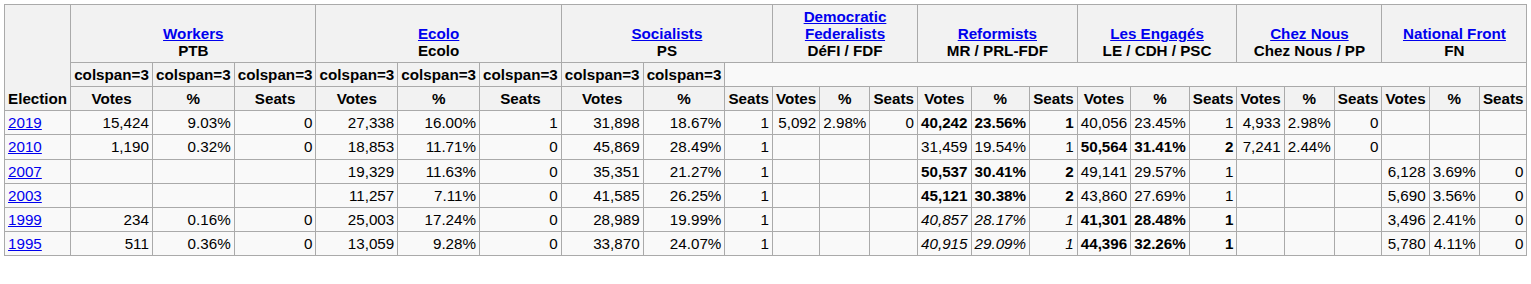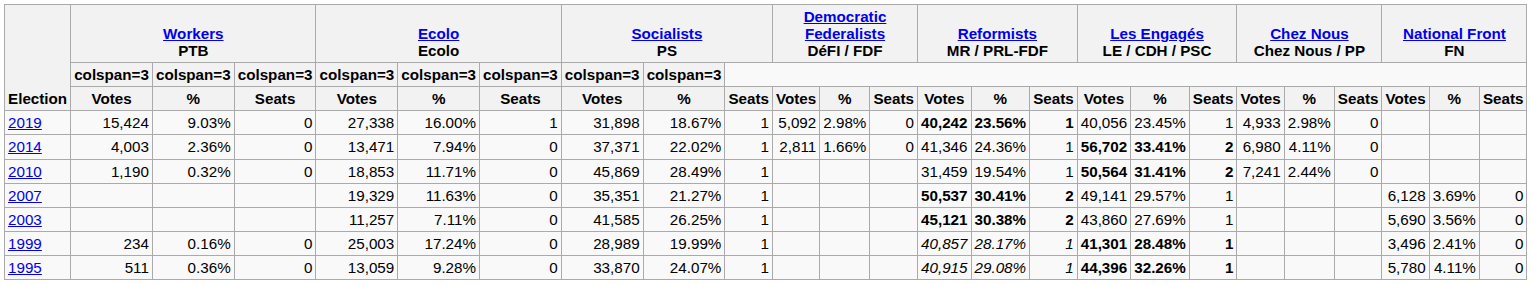 <table class="wikitable" border="1" style="font-size:95%; text-align:right;">
 <tr>
 <th style="text-align:left;" valign=bottom rowspan=3>Election</th>
 <th valign=bottom colspan=3><a href='#'>Workers</a><br>PTB</th>
 <th valign=bottom colspan=3><a href='#'>Ecolo</a><br>Ecolo</th>
 <th valign=bottom colspan=3><a href='#'>Socialists</a><br>PS</th>
 <th valign=bottom colspan=3><a href='#'>Democratic Federalists</a><br>DéFI / FDF</th>
 <th valign=bottom colspan=3><a href='#'>Reformists</a><br>MR / PRL-FDF</th>
 <th valign=bottom colspan=3><a href='#'>Les Engagés</a><br>LE / CDH / PSC</th>
 <th valign=bottom colspan=3><a href='#'>Chez Nous</a><br>Chez Nous / PP</th>
 <th valign=bottom colspan=3><a href='#'>National Front</a><br>FN</th>
 </tr>
 <tr>
 <th>colspan=3 </th>
 <th>colspan=3 </th>
 <th>colspan=3 </th>
 <th>colspan=3 </th>
 <th>colspan=3 </th>
 <th>colspan=3 </th>
 <th>colspan=3 </th>
 <th>colspan=3 </th>
 </tr>
 <tr>
 <th>Votes</th>
 <th>%</th>
 <th>Seats</th>
 <th>Votes</th>
 <th>%</th>
 <th>Seats</th>
 <th>Votes</th>
 <th>%</th>
 <th>Seats</th>
 <th>Votes</th>
 <th>%</th>
 <th>Seats</th>
 <th>Votes</th>
 <th>%</th>
 <th>Seats</th>
 <th>Votes</th>
 <th>%</th>
 <th>Seats</th>
 <th>Votes</th>
 <th>%</th>
 <th>Seats</th>
 <th>Votes</th>
 <th>%</th>
 <th>Seats</th>
 </tr>
 <tr>
 <td align=left><a href='#'>2019</a></td>
 <td>15,424</td>
 <td>9.03%</td>
 <td>0</td>
 <td>27,338</td>
 <td>16.00%</td>
 <td>1</td>
 <td>31,898</td>
 <td>18.67%</td>
 <td>1</td>
 <td>5,092</td>
 <td>2.98%</td>
 <td>0</td>
 <td><strong>40,242</strong></td>
 <td><strong>23.56%</strong></td>
 <td><strong>1</strong></td>
 <td>40,056</td>
 <td>23.45%</td>
 <td>1</td>
 <td>4,933</td>
 <td>2.98%</td>
+<td>0</td>
+<td></td>
+<td></td>
+<td></td>
+</tr>
+<tr>
+<td align=left><a href='#'>2014</a></td>
+<td>4,003</td>
+<td>2.36%</td>
+<td>0</td>
+<td>13,471</td>
+<td>7.94%</td>
+<td>0</td>
+<td>37,371</td>
+<td>22.02%</td>
+<td>1</td>
+<td>2,811</td>
+<td>1.66%</td>
+<td>0</td>
+<td>41,346</td>
+<td>24.36%</td>
+<td>1</td>
+<td><strong>56,702</strong></td>
+<td><strong>33.41%</strong></td>
+<td><strong>2</strong></td>
+<td>6,980</td>
+<td>4.11%</td>
 <td>0</td>
 <td></td>
 <td></td>
 <td></td>
 </tr>
 <tr>
 <td align=left><a href='#'>2010</a></td>
 <td>1,190</td>
 <td>0.32%</td>
 <td>0</td>
 <td>18,853</td>
 <td>11.71%</td>
 <td>0</td>
 <td>45,869</td>
 <td>28.49%</td>
 <td>1</td>
 <td></td>
 <td></td>
 <td></td>
 <td>31,459</td>
 <td>19.54%</td>
 <td>1</td>
 <td><strong>50,564</strong></td>
 <td><strong>31.41%</strong></td>
 <td><strong>2</strong></td>
 <td>7,241</td>
 <td>2.44%</td>
 <td>0</td>
 <td></td>
 <td></td>
 <td></td>
 </tr>
 <tr>
 <td align=left><a href='#'>2007</a></td>
 <td></td>
 <td></td>
 <td></td>
 <td>19,329</td>
 <td>11.63%</td>
 <td>0</td>
 <td>35,351</td>
 <td>21.27%</td>
 <td>1</td>
 <td></td>
 <td></td>
 <td></td>
 <td><strong>50,537</strong></td>
 <td><strong>30.41%</strong></td>
 <td><strong>2</strong></td>
 <td>49,141</td>
 <td>29.57%</td>
 <td>1</td>
 <td></td>
 <td></td>
 <td></td>
 <td>6,128</td>
 <td>3.69%</td>
 <td>0</td>
 </tr>
 <tr>
 <td align=left><a href='#'>2003</a></td>
 <td></td>
 <td></td>
 <td></td>
 <td>11,257</td>
 <td>7.11%</td>
 <td>0</td>
 <td>41,585</td>
 <td>26.25%</td>
 <td>1</td>
 <td></td>
 <td></td>
 <td></td>
 <td><strong>45,121</strong></td>
 <td><strong>30.38%</strong></td>
 <td><strong>2</strong></td>
 <td>43,860</td>
 <td>27.69%</td>
 <td>1</td>
 <td></td>
 <td></td>
 <td></td>
 <td>5,690</td>
 <td>3.56%</td>
 <td>0</td>
 </tr>
 <tr>
 <td align=left><a href='#'>1999</a></td>
 <td>234</td>
 <td>0.16%</td>
 <td>0</td>
 <td>25,003</td>
 <td>17.24%</td>
 <td>0</td>
 <td>28,989</td>
 <td>19.99%</td>
 <td>1</td>
 <td></td>
 <td></td>
 <td></td>
 <td><em>40,857</em></td>
 <td><em>28.17%</em></td>
 <td><em>1</em></td>
 <td><strong>41,301</strong></td>
 <td><strong>28.48%</strong></td>
 <td><strong>1</strong></td>
 <td></td>
 <td></td>
 <td></td>
 <td>3,496</td>
 <td>2.41%</td>
 <td>0</td>
 </tr>
 <tr>
 <td align=left><a href='#'>1995</a></td>
 <td>511</td>
 <td>0.36%</td>
 <td>0</td>
 <td>13,059</td>
 <td>9.28%</td>
 <td>0</td>
 <td>33,870</td>
 <td>24.07%</td>
 <td>1</td>
 <td></td>
 <td></td>
 <td></td>
 <td><em>40,915</em></td>
-<td><em>29.09%</em></td>
+<td><em>29.08%</em></td>
 <td><em>1</em></td>
 <td><strong>44,396</strong></td>
 <td><strong>32.26%</strong></td>
 <td><strong>1</strong></td>
 <td></td>
 <td></td>
 <td></td>
 <td>5,780</td>
 <td>4.11%</td>
 <td>0</td>
 </tr>
 </table>
